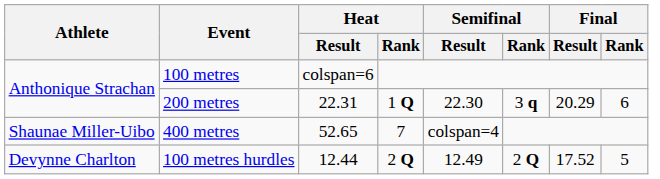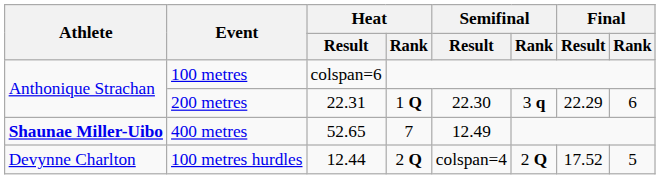 <table class="wikitable" style="font-size:90%">
 <tr>
 <th rowspan="2">Athlete</th>
 <th rowspan="2">Event</th>
 <th colspan="2">Heat</th>
 <th colspan="2">Semifinal</th>
 <th colspan="2">Final</th>
 </tr>
 <tr style="font-size:95%">
 <th>Result</th>
 <th>Rank</th>
 <th>Result</th>
 <th>Rank</th>
 <th>Result</th>
 <th>Rank</th>
 </tr>
 <tr align=center>
 <td rowspan=2 align=left><a href='#'>Anthonique Strachan</a></td>
 <td align=left><a href='#'>100 metres</a></td>
 <td>colspan=6 </td>
 </tr>
 <tr align=center>
 <td align=left><a href='#'>200 metres</a></td>
 <td>22.31</td>
 <td>1 <strong>Q</strong></td>
 <td>22.30</td>
 <td>3 <strong>q</strong></td>
-<td>20.29</td>
+<td>22.29</td>
 <td>6</td>
 </tr>
 <tr align=center>
-<td align=left><a href='#'>Shaunae Miller-Uibo</a></td>
+<td align=left><strong><a href='#'>Shaunae Miller-Uibo</a></strong></td>
 <td align=left><a href='#'>400 metres</a></td>
 <td>52.65 </td>
 <td>7</td>
-<td>colspan=4 </td>
+<td>12.49</td>
 </tr>
 <tr align=center>
 <td align=left><a href='#'>Devynne Charlton</a></td>
 <td align=left><a href='#'>100 metres hurdles</a></td>
 <td>12.44 </td>
 <td>2 <strong>Q</strong></td>
-<td>12.49</td>
+<td>colspan=4 </td>
 <td>2 <strong>Q</strong></td>
 <td>17.52</td>
 <td>5</td>
 </tr>
 </table>
